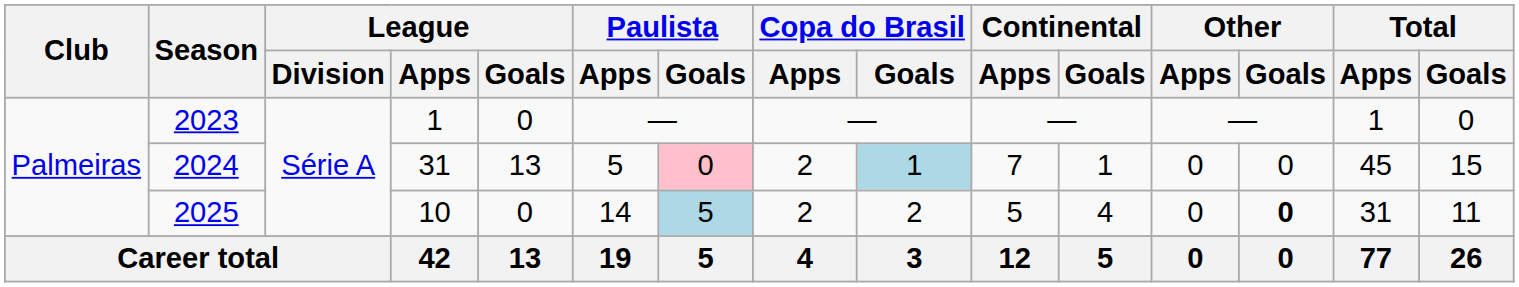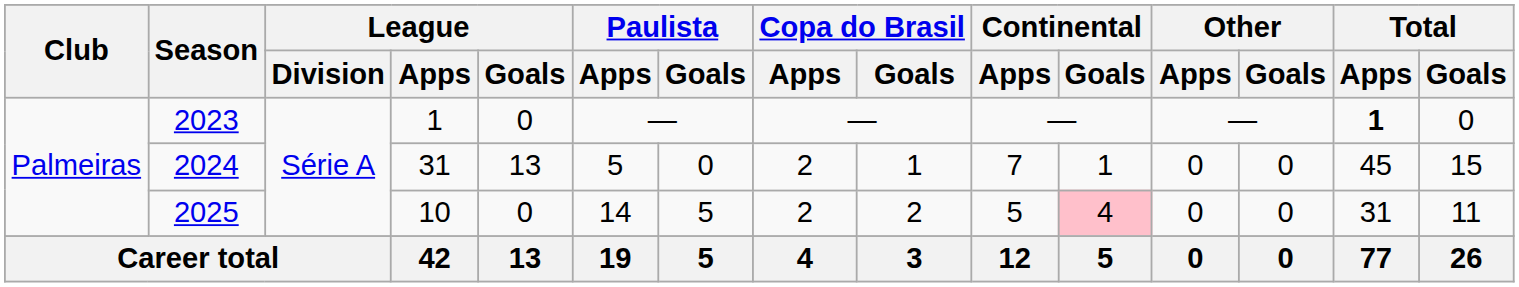 <table class="wikitable" style="text-align: center;">
 <tr>
 <th rowspan="2">Club</th>
 <th rowspan="2">Season</th>
 <th colspan="3">League</th>
 <th colspan="2"><a href='#'>Paulista</a></th>
 <th colspan="2"><a href='#'>Copa do Brasil</a></th>
 <th colspan="2">Continental</th>
 <th colspan="2">Other</th>
 <th colspan="2">Total</th>
 </tr>
 <tr>
 <th>Division</th>
 <th>Apps</th>
 <th>Goals</th>
 <th>Apps</th>
 <th>Goals</th>
 <th>Apps</th>
 <th>Goals</th>
 <th>Apps</th>
 <th>Goals</th>
 <th>Apps</th>
 <th>Goals</th>
 <th>Apps</th>
 <th>Goals</th>
 </tr>
 <tr>
 <td rowspan="3"><a href='#'>Palmeiras</a></td>
 <td><a href='#'>2023</a></td>
 <td rowspan="3"><a href='#'>Série A</a></td>
 <td>1</td>
 <td>0</td>
 <td colspan="2">—</td>
 <td colspan="2">—</td>
 <td colspan="2">—</td>
 <td colspan="2">—</td>
-<td>1</td>
+<td><strong>1</strong></td>
 <td>0</td>
 </tr>
 <tr>
 <td><a href='#'>2024</a></td>
 <td>31</td>
 <td>13</td>
 <td>5</td>
-<td style="background: pink;">0</td>
+<td>0</td>
 <td>2</td>
-<td style="background: lightblue;">1</td>
+<td>1</td>
 <td>7</td>
 <td>1</td>
 <td>0</td>
 <td>0</td>
 <td>45</td>
 <td>15</td>
 </tr>
 <tr>
 <td><a href='#'>2025</a></td>
 <td>10</td>
 <td>0</td>
 <td>14</td>
-<td style="background: lightblue;">5</td>
+<td>5</td>
 <td>2</td>
 <td>2</td>
 <td>5</td>
-<td>4</td>
+<td style="background: pink;">4</td>
 <td>0</td>
-<td><strong>0</strong></td>
+<td>0</td>
 <td>31</td>
 <td>11</td>
 </tr>
 <tr>
 <th colspan="3">Career total</th>
 <th>42</th>
 <th>13</th>
 <th>19</th>
 <th>5</th>
 <th>4</th>
 <th>3</th>
 <th>12</th>
 <th>5</th>
 <th>0</th>
 <th>0</th>
 <th>77</th>
 <th>26</th>
 </tr>
 </table>
